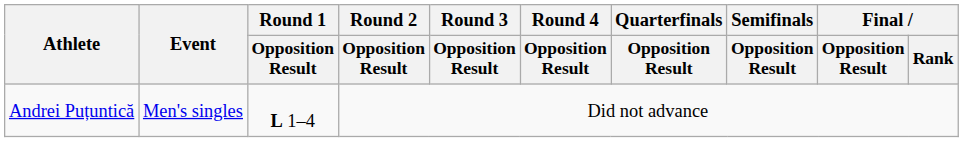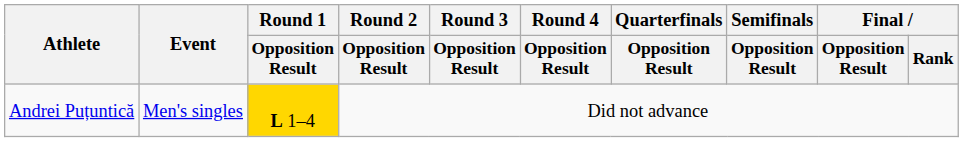 <table class="wikitable" style="text-align:center; font-size:90%">
 <tr>
 <th rowspan=2>Athlete</th>
 <th rowspan=2>Event</th>
 <th>Round 1</th>
 <th>Round 2</th>
 <th>Round 3</th>
 <th>Round 4</th>
 <th>Quarterfinals</th>
 <th>Semifinals</th>
 <th colspan=2>Final / </th>
 </tr>
 <tr style="font-size:95%">
 <th>Opposition<br>Result</th>
 <th>Opposition<br>Result</th>
 <th>Opposition<br>Result</th>
 <th>Opposition<br>Result</th>
 <th>Opposition<br>Result</th>
 <th>Opposition<br>Result</th>
 <th>Opposition<br>Result</th>
 <th>Rank</th>
 </tr>
 <tr>
 <td align=left><a href='#'>Andrei Puțuntică</a></td>
 <td rowspan=2 align=left><a href='#'>Men's singles</a></td>
-<td><br> <strong>L</strong> 1–4</td>
+<td style="background: gold;"><br> <strong>L</strong> 1–4</td>
 <td colspan=7>Did not advance</td>
 </tr>
 </table>
